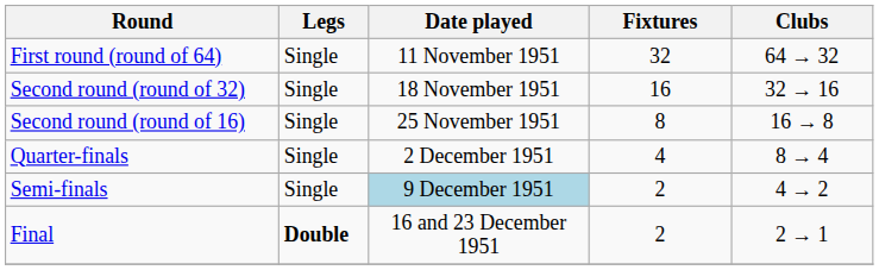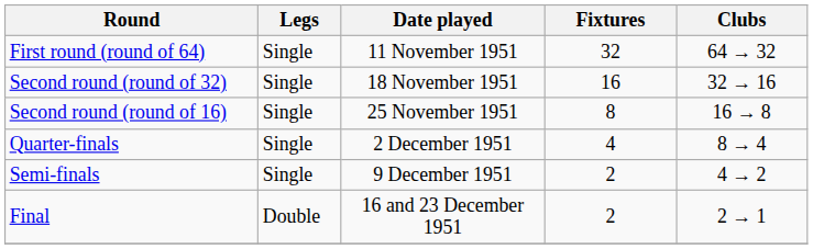 <table class="wikitable" style="text-align:left">
 <tr>
 <th width=200>Round</th>
 <th width=60>Legs</th>
 <th width=160>Date played</th>
 <th width=100>Fixtures</th>
 <th width=100>Clubs</th>
 </tr>
 <tr>
 <td><a href='#'>First round (round of 64)</a></td>
 <td>Single</td>
 <td align="center">11 November 1951</td>
 <td align="center">32</td>
 <td align="center">64 → 32</td>
 </tr>
 <tr>
 <td><a href='#'>Second round (round of 32)</a></td>
 <td>Single</td>
 <td align="center">18 November 1951</td>
 <td align="center">16</td>
 <td align="center">32 → 16</td>
 </tr>
 <tr>
 <td><a href='#'>Second round (round of 16)</a></td>
 <td>Single</td>
 <td align="center">25 November 1951</td>
 <td align="center">8</td>
 <td align="center">16 → 8</td>
 </tr>
 <tr>
 <td><a href='#'>Quarter-finals</a></td>
 <td>Single</td>
 <td align="center">2 December 1951</td>
 <td align="center">4</td>
 <td align="center">8 → 4</td>
 </tr>
 <tr>
 <td><a href='#'>Semi-finals</a></td>
 <td>Single</td>
-<td align="center" style="background: lightblue;">9 December 1951</td>
+<td align="center">9 December 1951</td>
 <td align="center">2</td>
 <td align="center">4 → 2</td>
 </tr>
 <tr>
 <td><a href='#'>Final</a></td>
-<td><strong>Double</strong></td>
+<td>Double</td>
 <td align="center">16 and 23 December 1951</td>
 <td align="center">2</td>
 <td align="center">2 → 1</td>
 </tr>
 <tr>
 </tr>
 </table>
